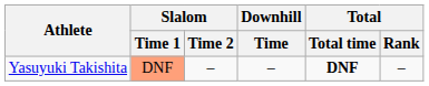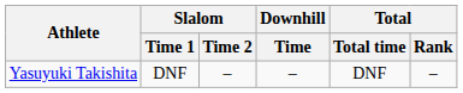 <table class="wikitable" style="font-size:90%">
 <tr>
 <th rowspan="2">Athlete</th>
 <th colspan="2">Slalom</th>
 <th>Downhill</th>
 <th colspan="2">Total</th>
 </tr>
 <tr>
 <th>Time 1</th>
 <th>Time 2</th>
 <th>Time</th>
 <th>Total time</th>
 <th>Rank</th>
 </tr>
 <tr>
 <td><a href='#'>Yasuyuki Takishita</a></td>
-<td align="center" style="background: lightsalmon;">DNF</td>
+<td align="center">DNF</td>
 <td align="center">–</td>
 <td align="center">–</td>
-<td align="center"><strong>DNF</strong></td>
+<td align="center">DNF</td>
 <td align="center">–</td>
 </tr>
 </table>
